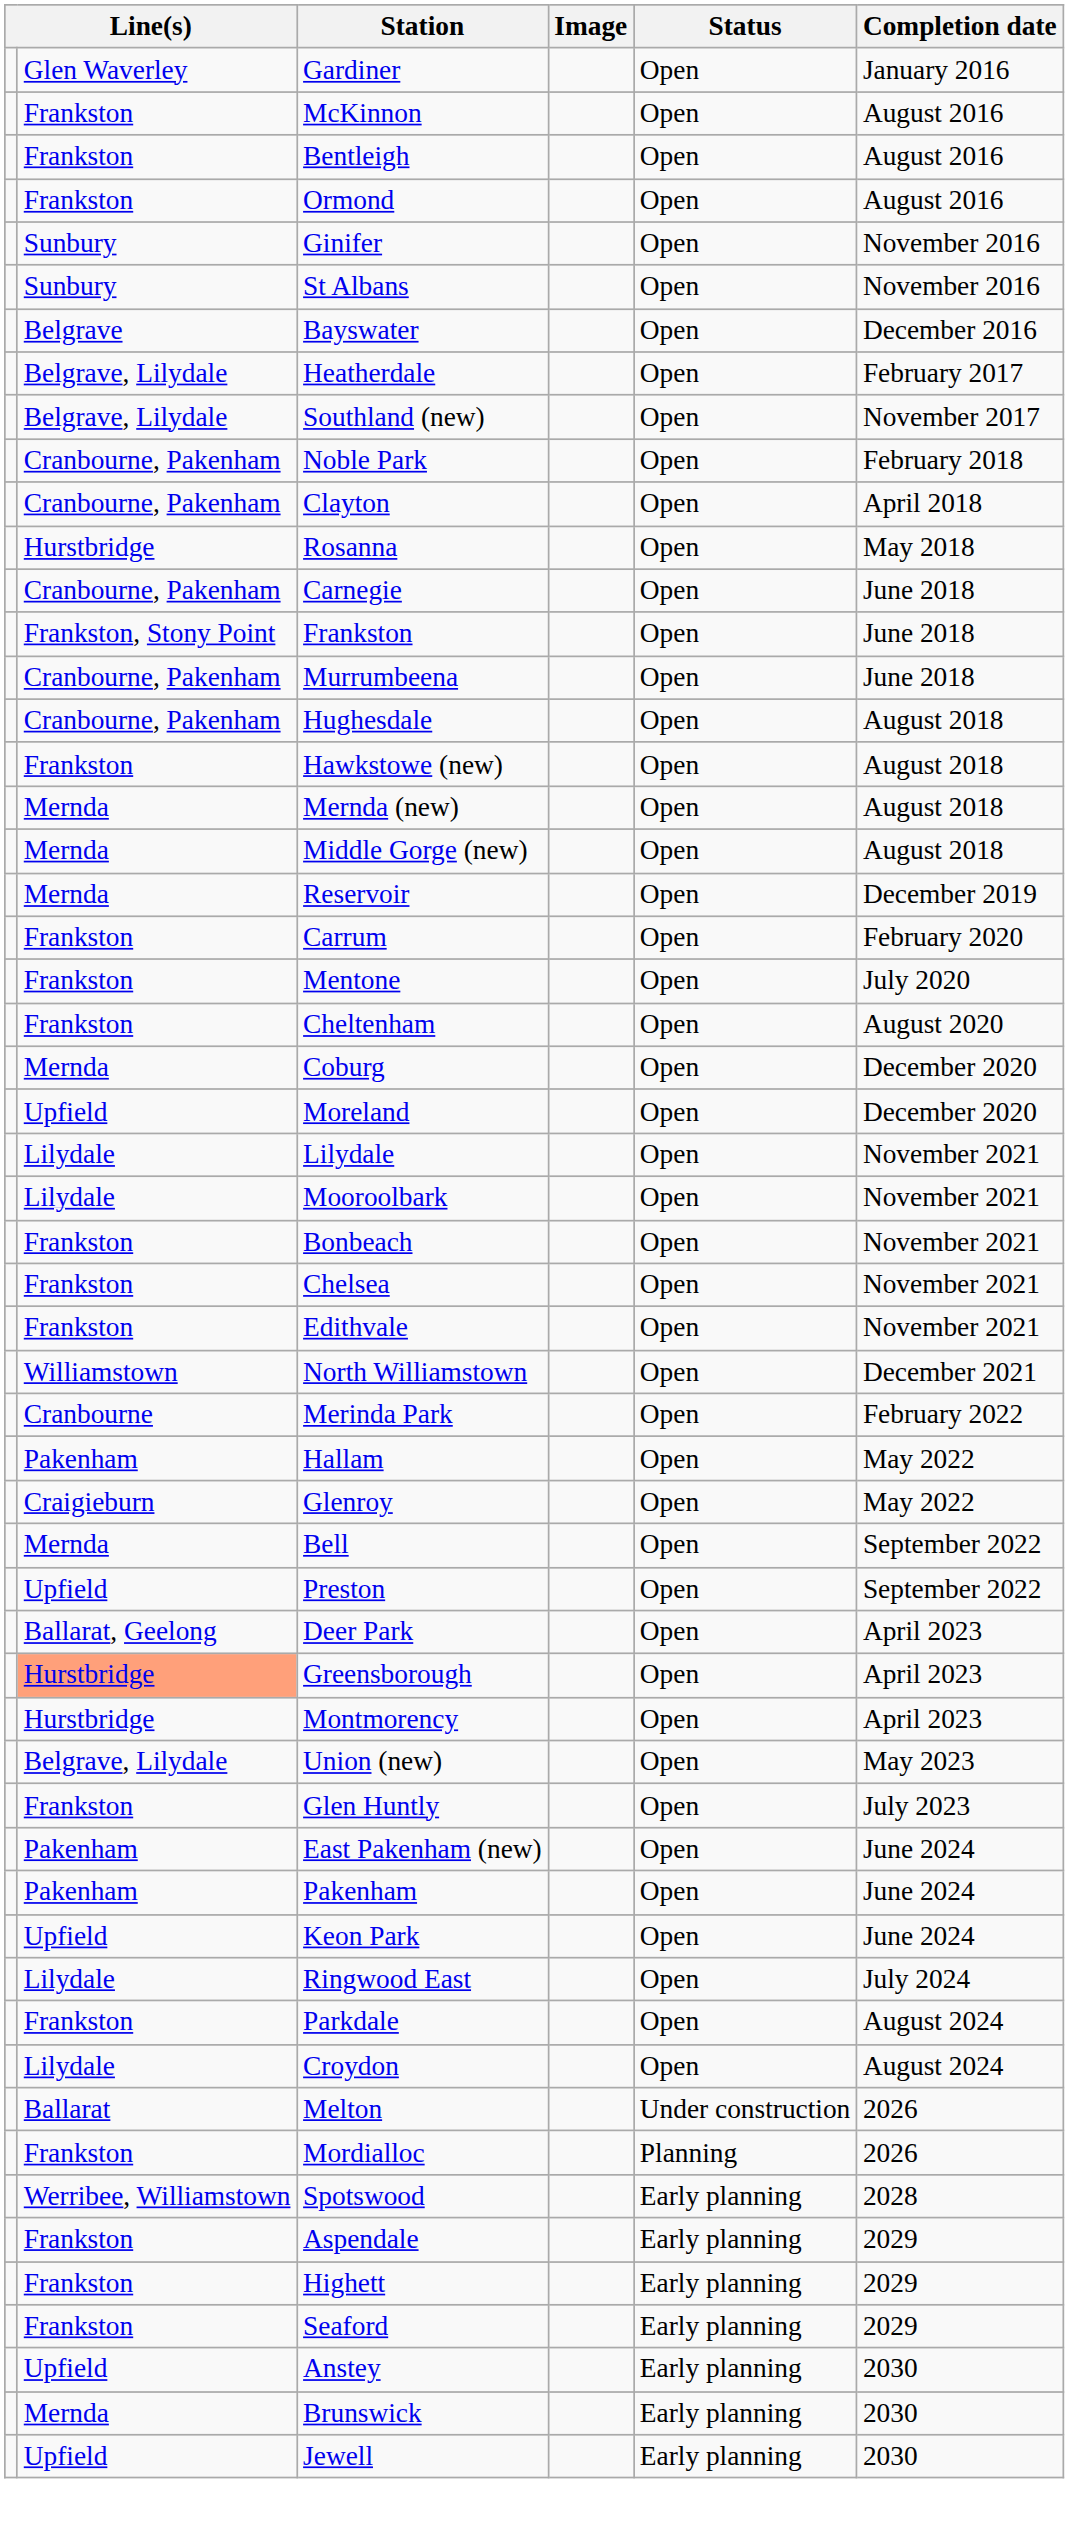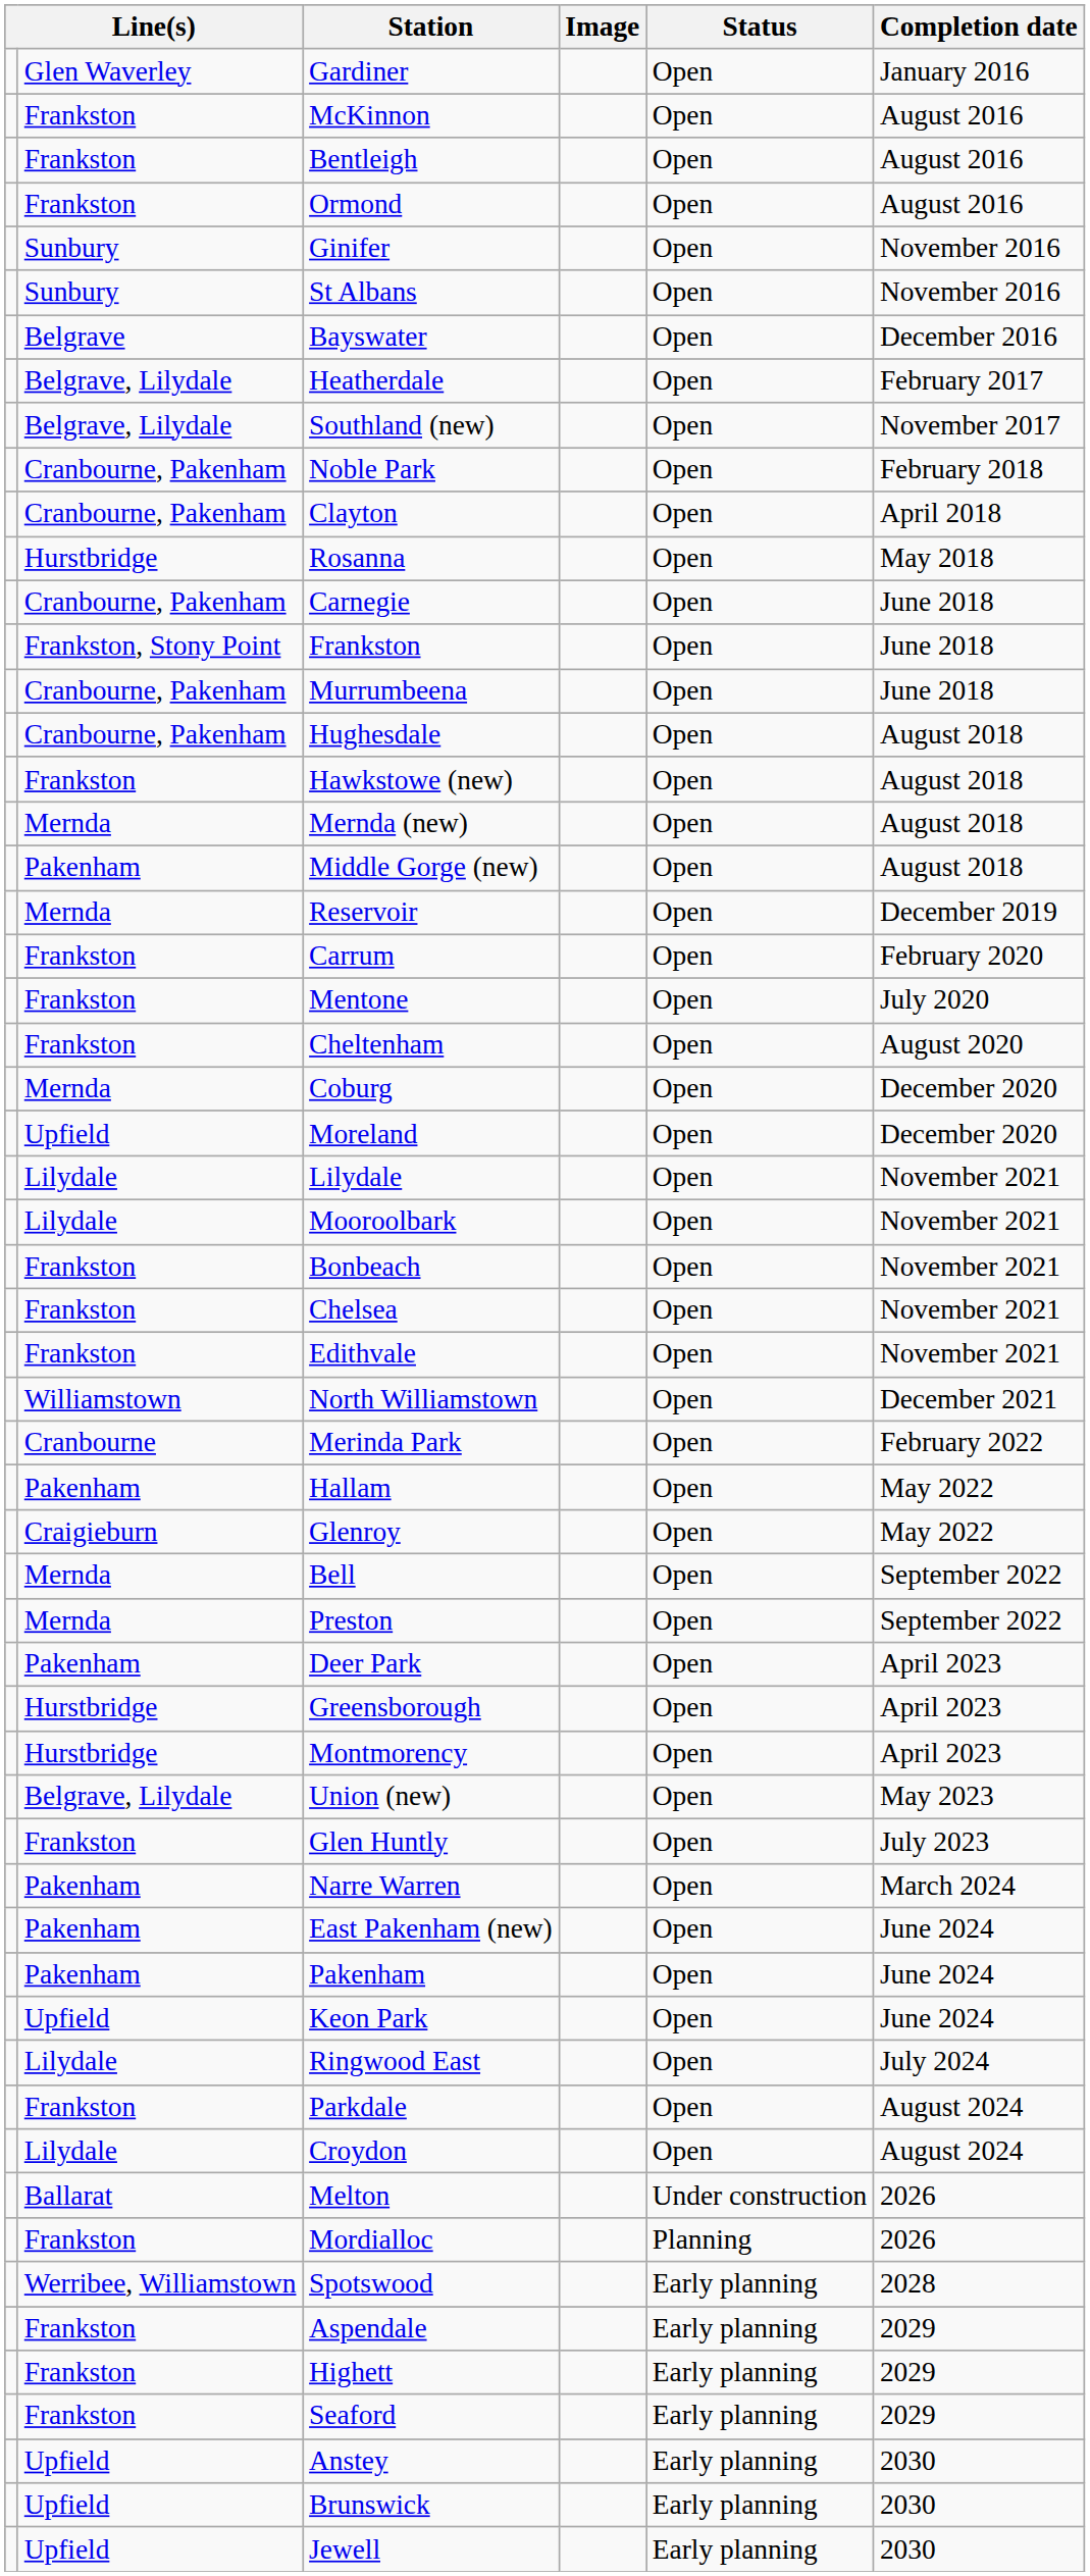 <table class="wikitable sortable">
 <tr>
 <th colspan="2">Line(s)</th>
 <th>Station</th>
 <th>Image</th>
 <th>Status</th>
 <th data-sort-type="date">Completion date</th>
 </tr>
 <tr>
 <td style="background-color:#"></td>
 <td><a href='#'>Glen Waverley</a></td>
 <td><a href='#'>Gardiner</a></td>
 <td></td>
 <td>Open</td>
 <td>January 2016</td>
 </tr>
 <tr>
 <td style="background-color:#"></td>
 <td><a href='#'>Frankston</a></td>
 <td><a href='#'>McKinnon</a></td>
 <td></td>
 <td>Open</td>
 <td>August 2016</td>
 </tr>
 <tr>
 <td style="background-color:#"></td>
 <td><a href='#'>Frankston</a></td>
 <td><a href='#'>Bentleigh</a></td>
 <td></td>
 <td>Open</td>
 <td>August 2016</td>
 </tr>
 <tr>
 <td style="background-color:#"></td>
 <td><a href='#'>Frankston</a></td>
 <td><a href='#'>Ormond</a></td>
 <td></td>
 <td>Open</td>
 <td>August 2016</td>
 </tr>
 <tr>
 <td style="background-color:#"></td>
 <td><a href='#'>Sunbury</a></td>
 <td><a href='#'>Ginifer</a></td>
 <td></td>
 <td>Open</td>
 <td>November 2016</td>
 </tr>
 <tr>
 <td style="background-color:#"></td>
 <td><a href='#'>Sunbury</a></td>
 <td><a href='#'>St Albans</a></td>
 <td></td>
 <td>Open</td>
 <td>November 2016</td>
 </tr>
 <tr>
 <td style="background-color:#"></td>
 <td><a href='#'>Belgrave</a></td>
 <td><a href='#'>Bayswater</a></td>
 <td></td>
 <td>Open</td>
 <td>December 2016</td>
 </tr>
 <tr>
 <td style="background-color:#"></td>
 <td><a href='#'>Belgrave</a>, <a href='#'>Lilydale</a></td>
 <td><a href='#'>Heatherdale</a></td>
 <td></td>
 <td>Open</td>
 <td>February 2017</td>
 </tr>
 <tr>
 <td style="background-color:#"></td>
 <td><a href='#'>Belgrave</a>, <a href='#'>Lilydale</a></td>
 <td><a href='#'>Southland</a> (new)</td>
 <td></td>
 <td>Open</td>
 <td>November 2017</td>
 </tr>
 <tr>
 <td style="background-color:#"></td>
 <td><a href='#'>Cranbourne</a>, <a href='#'>Pakenham</a></td>
 <td><a href='#'>Noble Park</a></td>
 <td></td>
 <td>Open</td>
 <td>February 2018</td>
 </tr>
 <tr>
 <td style="background-color:#"></td>
 <td><a href='#'>Cranbourne</a>, <a href='#'>Pakenham</a></td>
 <td><a href='#'>Clayton</a></td>
 <td></td>
 <td>Open</td>
 <td>April 2018</td>
 </tr>
 <tr>
 <td style="background-color:#"></td>
 <td><a href='#'>Hurstbridge</a></td>
 <td><a href='#'>Rosanna</a></td>
 <td></td>
 <td>Open</td>
 <td>May 2018</td>
 </tr>
 <tr>
 <td style="background-color:#"></td>
 <td><a href='#'>Cranbourne</a>, <a href='#'>Pakenham</a></td>
 <td><a href='#'>Carnegie</a></td>
 <td></td>
 <td>Open</td>
 <td>June 2018</td>
 </tr>
 <tr>
 <td style="background-color:#"></td>
 <td><a href='#'>Frankston</a>, <a href='#'>Stony Point</a></td>
 <td><a href='#'>Frankston</a></td>
 <td></td>
 <td>Open</td>
 <td>June 2018</td>
 </tr>
 <tr>
 <td style="background-color:#"></td>
 <td><a href='#'>Cranbourne</a>, <a href='#'>Pakenham</a></td>
 <td><a href='#'>Murrumbeena</a></td>
 <td></td>
 <td>Open</td>
 <td>June 2018</td>
 </tr>
 <tr>
 <td style="background-color:#"></td>
 <td><a href='#'>Cranbourne</a>, <a href='#'>Pakenham</a></td>
 <td><a href='#'>Hughesdale</a></td>
 <td></td>
 <td>Open</td>
 <td>August 2018</td>
 </tr>
 <tr>
 <td style="background-color:#"></td>
 <td><a href='#'>Frankston</a></td>
 <td><a href='#'>Hawkstowe</a> (new)</td>
 <td></td>
 <td>Open</td>
 <td>August 2018</td>
 </tr>
 <tr>
 <td style="background-color:#"></td>
 <td><a href='#'>Mernda</a></td>
 <td><a href='#'>Mernda</a> (new)</td>
 <td></td>
 <td>Open</td>
 <td>August 2018</td>
 </tr>
 <tr>
 <td style="background-color:#"></td>
-<td><a href='#'>Mernda</a></td>
+<td><a href='#'>Pakenham</a></td>
 <td><a href='#'>Middle Gorge</a> (new)</td>
 <td></td>
 <td>Open</td>
 <td>August 2018</td>
 </tr>
 <tr>
 <td style="background-color:#"></td>
 <td><a href='#'>Mernda</a></td>
 <td><a href='#'>Reservoir</a></td>
 <td></td>
 <td>Open</td>
 <td>December 2019</td>
 </tr>
 <tr>
 <td style="background-color:#"></td>
 <td><a href='#'>Frankston</a></td>
 <td><a href='#'>Carrum</a></td>
 <td></td>
 <td>Open</td>
 <td>February 2020</td>
 </tr>
 <tr>
 <td style="background-color:#"></td>
 <td><a href='#'>Frankston</a></td>
 <td><a href='#'>Mentone</a></td>
 <td></td>
 <td>Open</td>
 <td>July 2020</td>
 </tr>
 <tr>
 <td style="background-color:#"></td>
 <td><a href='#'>Frankston</a></td>
 <td><a href='#'>Cheltenham</a></td>
 <td></td>
 <td>Open</td>
 <td>August 2020</td>
 </tr>
 <tr>
 <td style="background-color:#"></td>
 <td><a href='#'>Mernda</a></td>
 <td><a href='#'>Coburg</a></td>
 <td></td>
 <td>Open</td>
 <td>December 2020</td>
 </tr>
 <tr>
 <td style="background-color:#"></td>
 <td><a href='#'>Upfield</a></td>
 <td><a href='#'>Moreland</a></td>
 <td></td>
 <td>Open</td>
 <td>December 2020</td>
 </tr>
 <tr>
 <td style="background-color:#"></td>
 <td><a href='#'>Lilydale</a></td>
 <td><a href='#'>Lilydale</a></td>
 <td></td>
 <td>Open</td>
 <td>November 2021</td>
 </tr>
 <tr>
 <td style="background-color:#"></td>
 <td><a href='#'>Lilydale</a></td>
 <td><a href='#'>Mooroolbark</a></td>
 <td></td>
 <td>Open</td>
 <td>November 2021</td>
 </tr>
 <tr>
 <td style="background-color:#"></td>
 <td><a href='#'>Frankston</a></td>
 <td><a href='#'>Bonbeach</a></td>
 <td></td>
 <td>Open</td>
 <td>November 2021</td>
 </tr>
 <tr>
 <td style="background-color:#"></td>
 <td><a href='#'>Frankston</a></td>
 <td><a href='#'>Chelsea</a></td>
 <td></td>
 <td>Open</td>
 <td>November 2021</td>
 </tr>
 <tr>
 <td style="background-color:#"></td>
 <td><a href='#'>Frankston</a></td>
 <td><a href='#'>Edithvale</a></td>
 <td></td>
 <td>Open</td>
 <td>November 2021</td>
 </tr>
 <tr>
 <td style="background-color:#"></td>
 <td><a href='#'>Williamstown</a></td>
 <td><a href='#'>North Williamstown</a></td>
 <td></td>
 <td>Open</td>
 <td>December 2021</td>
 </tr>
 <tr>
 <td style="background-color:#"></td>
 <td><a href='#'>Cranbourne</a></td>
 <td><a href='#'>Merinda Park</a></td>
 <td></td>
 <td>Open</td>
 <td>February 2022</td>
 </tr>
 <tr>
 <td style="background-color:#"></td>
 <td><a href='#'>Pakenham</a></td>
 <td><a href='#'>Hallam</a></td>
 <td></td>
 <td>Open</td>
 <td>May 2022</td>
 </tr>
 <tr>
 <td style="background-color:#"></td>
 <td><a href='#'>Craigieburn</a></td>
 <td><a href='#'>Glenroy</a></td>
 <td></td>
 <td>Open</td>
 <td>May 2022</td>
 </tr>
 <tr>
 <td style="background-color:#"></td>
 <td><a href='#'>Mernda</a></td>
 <td><a href='#'>Bell</a></td>
 <td></td>
 <td>Open</td>
 <td>September 2022</td>
 </tr>
 <tr>
 <td style="background-color:#"></td>
-<td><a href='#'>Upfield</a></td>
+<td><a href='#'>Mernda</a></td>
 <td><a href='#'>Preston</a></td>
 <td></td>
 <td>Open</td>
 <td>September 2022</td>
 </tr>
 <tr>
 <td style="background-color:#"></td>
-<td><a href='#'>Ballarat</a>, <a href='#'>Geelong</a></td>
+<td><a href='#'>Pakenham</a></td>
 <td><a href='#'>Deer Park</a></td>
 <td></td>
 <td>Open</td>
 <td>April 2023</td>
 </tr>
 <tr>
 <td style="background-color:#"></td>
-<td style="background: lightsalmon;"><a href='#'>Hurstbridge</a></td>
+<td><a href='#'>Hurstbridge</a></td>
 <td><a href='#'>Greensborough</a></td>
 <td></td>
 <td>Open</td>
 <td>April 2023</td>
 </tr>
 <tr>
 <td style="background-color:#"></td>
 <td><a href='#'>Hurstbridge</a></td>
 <td><a href='#'>Montmorency</a></td>
 <td></td>
 <td>Open</td>
 <td>April 2023</td>
 </tr>
 <tr>
 <td style="background-color:#"></td>
 <td><a href='#'>Belgrave</a>, <a href='#'>Lilydale</a></td>
 <td><a href='#'>Union</a> (new)</td>
 <td></td>
 <td>Open</td>
 <td>May 2023</td>
 </tr>
 <tr>
 <td style="background-color:#"></td>
 <td><a href='#'>Frankston</a></td>
 <td><a href='#'>Glen Huntly</a></td>
 <td></td>
 <td>Open</td>
 <td>July 2023</td>
+</tr>
+<tr>
+<td style="background-color:#"></td>
+<td><a href='#'>Pakenham</a></td>
+<td><a href='#'>Narre Warren</a></td>
+<td></td>
+<td>Open</td>
+<td>March 2024</td>
 </tr>
 <tr>
 <td style="background-color:#"></td>
 <td><a href='#'>Pakenham</a></td>
 <td><a href='#'>East Pakenham</a> (new)</td>
 <td></td>
 <td>Open</td>
 <td>June 2024</td>
 </tr>
 <tr>
 <td style="background-color:#"></td>
 <td><a href='#'>Pakenham</a></td>
 <td><a href='#'>Pakenham</a></td>
 <td></td>
 <td>Open</td>
 <td>June 2024</td>
 </tr>
 <tr>
 <td style="background-color:#"></td>
 <td><a href='#'>Upfield</a></td>
 <td><a href='#'>Keon Park</a></td>
 <td></td>
 <td>Open</td>
 <td>June 2024</td>
 </tr>
 <tr>
 <td style="background-color:#"></td>
 <td><a href='#'>Lilydale</a></td>
 <td><a href='#'>Ringwood East</a></td>
 <td></td>
 <td>Open</td>
 <td>July 2024</td>
 </tr>
 <tr>
 <td style="background-color:#"></td>
 <td><a href='#'>Frankston</a></td>
 <td><a href='#'>Parkdale</a></td>
 <td></td>
 <td>Open</td>
 <td>August 2024</td>
 </tr>
 <tr>
 <td style="background-color:#"></td>
 <td><a href='#'>Lilydale</a></td>
 <td><a href='#'>Croydon</a></td>
 <td></td>
 <td>Open</td>
 <td>August 2024</td>
 </tr>
 <tr>
 <td style="background-color:#"></td>
 <td><a href='#'>Ballarat</a></td>
 <td><a href='#'>Melton</a></td>
 <td></td>
 <td>Under construction</td>
 <td>2026</td>
 </tr>
 <tr>
 <td style="background-color:#"></td>
 <td><a href='#'>Frankston</a></td>
 <td><a href='#'>Mordialloc</a></td>
 <td></td>
 <td>Planning</td>
 <td>2026</td>
 </tr>
 <tr>
 <td style="background-color:#"></td>
 <td><a href='#'>Werribee</a>, <a href='#'>Williamstown</a></td>
 <td><a href='#'>Spotswood</a></td>
 <td></td>
 <td>Early planning</td>
 <td>2028</td>
 </tr>
 <tr>
 <td style="background-color:#"></td>
 <td><a href='#'>Frankston</a></td>
 <td><a href='#'>Aspendale</a></td>
 <td></td>
 <td>Early planning</td>
 <td>2029</td>
 </tr>
 <tr>
 <td style="background-color:#"></td>
 <td><a href='#'>Frankston</a></td>
 <td><a href='#'>Highett</a></td>
 <td></td>
 <td>Early planning</td>
 <td>2029</td>
 </tr>
 <tr>
 <td style="background-color:#"></td>
 <td><a href='#'>Frankston</a></td>
 <td><a href='#'>Seaford</a></td>
 <td></td>
 <td>Early planning</td>
 <td>2029</td>
 </tr>
 <tr>
 <td style="background-color:#"></td>
 <td><a href='#'>Upfield</a></td>
 <td><a href='#'>Anstey</a></td>
 <td></td>
 <td>Early planning</td>
 <td>2030</td>
 </tr>
 <tr>
 <td style="background-color:#"></td>
-<td><a href='#'>Mernda</a></td>
+<td><a href='#'>Upfield</a></td>
 <td><a href='#'>Brunswick</a></td>
 <td></td>
 <td>Early planning</td>
 <td>2030</td>
 </tr>
 <tr>
 <td style="background-color:#"></td>
 <td><a href='#'>Upfield</a></td>
 <td><a href='#'>Jewell</a></td>
 <td></td>
 <td>Early planning</td>
 <td>2030</td>
 </tr>
 </table>
